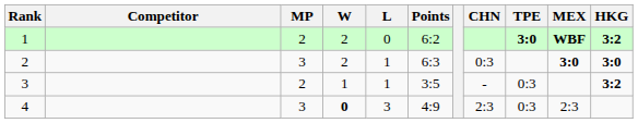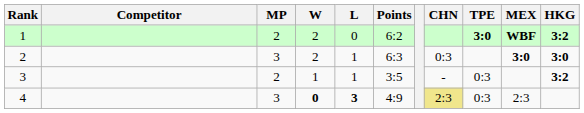 <table class="wikitable" style="text-align:center">
 <tr>
 <th>Rank</th>
 <th style="width:16em">Competitor</th>
 <th style="width:2.5em">MP</th>
 <th style="width:2.5em">W</th>
 <th style="width:2.5em">L</th>
 <th>Points</th>
 <th rowspan="5"> </th>
 <th style="width:2.5em">CHN</th>
 <th style="width:2.5em">TPE</th>
 <th style="width:2.5em">MEX</th>
 <th style="width:2.5em">HKG</th>
 </tr>
 <tr style="background:#cfc;">
 <td>1</td>
 <td style="text-align:left"></td>
 <td>2</td>
 <td>2</td>
 <td>0</td>
 <td>6:2</td>
 <td></td>
 <td><strong>3:0</strong></td>
 <td><strong>WBF</strong></td>
 <td><strong>3:2</strong></td>
 </tr>
 <tr>
 <td>2</td>
 <td style="text-align:left"></td>
 <td>3</td>
 <td>2</td>
 <td>1</td>
 <td>6:3</td>
 <td>0:3</td>
 <td></td>
 <td><strong>3:0</strong></td>
 <td><strong>3:0</strong></td>
 </tr>
 <tr>
 <td>3</td>
 <td style="text-align:left"></td>
 <td>2</td>
 <td>1</td>
 <td>1</td>
 <td>3:5</td>
 <td>-</td>
 <td>0:3</td>
 <td></td>
 <td><strong>3:2</strong></td>
 </tr>
 <tr>
 <td>4</td>
 <td style="text-align:left"></td>
 <td>3</td>
 <td><strong>0</strong></td>
-<td>3</td>
+<td><strong>3</strong></td>
 <td>4:9</td>
-<td>2:3</td>
+<td style="background: khaki;">2:3</td>
 <td>0:3</td>
 <td>2:3</td>
 <td></td>
 </tr>
 </table>
